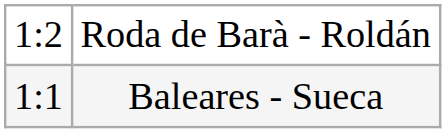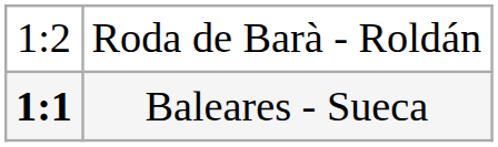 <table class="wikitable">
 <tr align=center bgcolor=white>
 <td>1:2</td>
 <td>Roda de Barà - Roldán</td>
 </tr>
 <tr align=center bgcolor=#F5F5F5>
-<td>1:1</td>
+<td><strong>1:1</strong></td>
 <td>Baleares - Sueca</td>
 </tr>
 </table>
